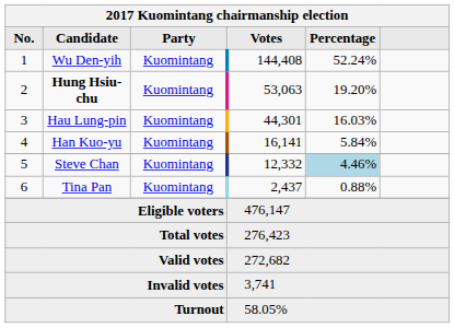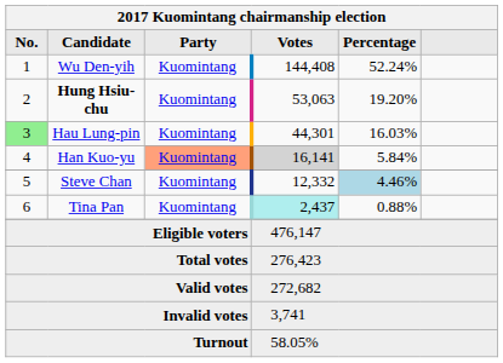 <table class="wikitable sortable" style="margin:auto; text-align:center">
 <tr>
 <th colspan="7" width=500px>2017 Kuomintang chairmanship election</th>
 </tr>
 <tr>
 <th style="background-color:#E9E9E9;text-align:center;" width="35">No.</th>
 <th style="background-color:#E9E9E9;text-align:center;" width="90">Candidate</th>
 <th style="background-color:#E9E9E9;text-align:center;" width="100">Party</th>
 <th style="background-color:#E9E9E9;text-align:center;" width="80">Votes</th>
 <th style="background-color:#E9E9E9;text-align:center;" width="70">Percentage</th>
 <th style="background-color:#E9E9E9;text-align:center;" width="70"></th>
 </tr>
 <tr>
 <td>1</td>
 <td style="text-align:center;"><a href='#'>Wu Den-yih</a></td>
 <td><a href='#'>Kuomintang</a></td>
 <td style="border-left:4px solid #0080C0;" align="right">144,408</td>
 <td align="right">52.24%</td>
 <td align="center"></td>
 </tr>
 <tr>
 <td>2</td>
 <td style="text-align:center;"><strong>Hung Hsiu-chu</strong></td>
 <td><a href='#'>Kuomintang</a></td>
 <td style="border-left:4px solid #D42187;" align="right">53,063</td>
 <td align="right">19.20%</td>
 <td align="center"></td>
 </tr>
 <tr>
-<td>3</td>
+<td style="background: lightgreen;">3</td>
 <td style="text-align:center;"><a href='#'>Hau Lung-pin</a></td>
 <td><a href='#'>Kuomintang</a></td>
 <td style="border-left:4px solid #FEB008;" align="right">44,301</td>
 <td align="right">16.03%</td>
 <td align="center"></td>
 </tr>
 <tr>
 <td>4</td>
 <td style="text-align:center;"><a href='#'>Han Kuo-yu</a></td>
-<td><a href='#'>Kuomintang</a></td>
-<td style="border-left:4px solid #A25306;" align="right">16,141</td>
+<td style="background: lightsalmon;"><a href='#'>Kuomintang</a></td>
+<td style="background: lightgrey; border-left:4px solid #A25306;" align="right">16,141</td>
 <td align="right">5.84%</td>
 <td align="center"></td>
 </tr>
 <tr>
 </tr>
 <tr>
 <td>5</td>
 <td style="text-align:center;"><a href='#'>Steve Chan</a></td>
 <td><a href='#'>Kuomintang</a></td>
 <td style="border-left:4px solid #1F338C;" align="right">12,332</td>
 <td align="right" style="background: lightblue;">4.46%</td>
 <td align="center"></td>
 </tr>
 <tr>
 <td>6</td>
 <td style="text-align:center;"><a href='#'>Tina Pan</a></td>
 <td><a href='#'>Kuomintang</a></td>
-<td style="border-left:4px solid #99D8D8;" align="right">2,437</td>
+<td style="background: paleturquoise; border-left:4px solid #99D8D8;" align="right">2,437</td>
 <td align="right">0.88%</td>
 <td align="center"></td>
 </tr>
 <tr>
 </tr>
 <tr bgcolor=EEEEEE class="sortbottom">
 <td colspan="3" style="text-align: right"><strong>Eligible voters</strong></td>
 <td colspan="3" align="left">　476,147</td>
 </tr>
 <tr bgcolor=EEEEEE class="sortbottom">
 <td colspan="3" style="text-align: right"><strong>Total votes</strong></td>
 <td colspan="3" align="left">　276,423</td>
 </tr>
 <tr bgcolor=EEEEEE class="sortbottom">
 <td colspan="3" style="text-align: right"><strong>Valid votes</strong></td>
 <td colspan="3" align="left">　272,682</td>
 </tr>
 <tr bgcolor=EEEEEE class="sortbottom">
 <td colspan="3" style="text-align: right"><strong>Invalid votes</strong></td>
 <td colspan="3" align="left">　3,741</td>
 </tr>
 <tr bgcolor=EEEEEE class="sortbottom">
 <td colspan="3" style="text-align: right"><strong>Turnout</strong></td>
 <td colspan="3" align="left">　58.05%</td>
 </tr>
 </table>
